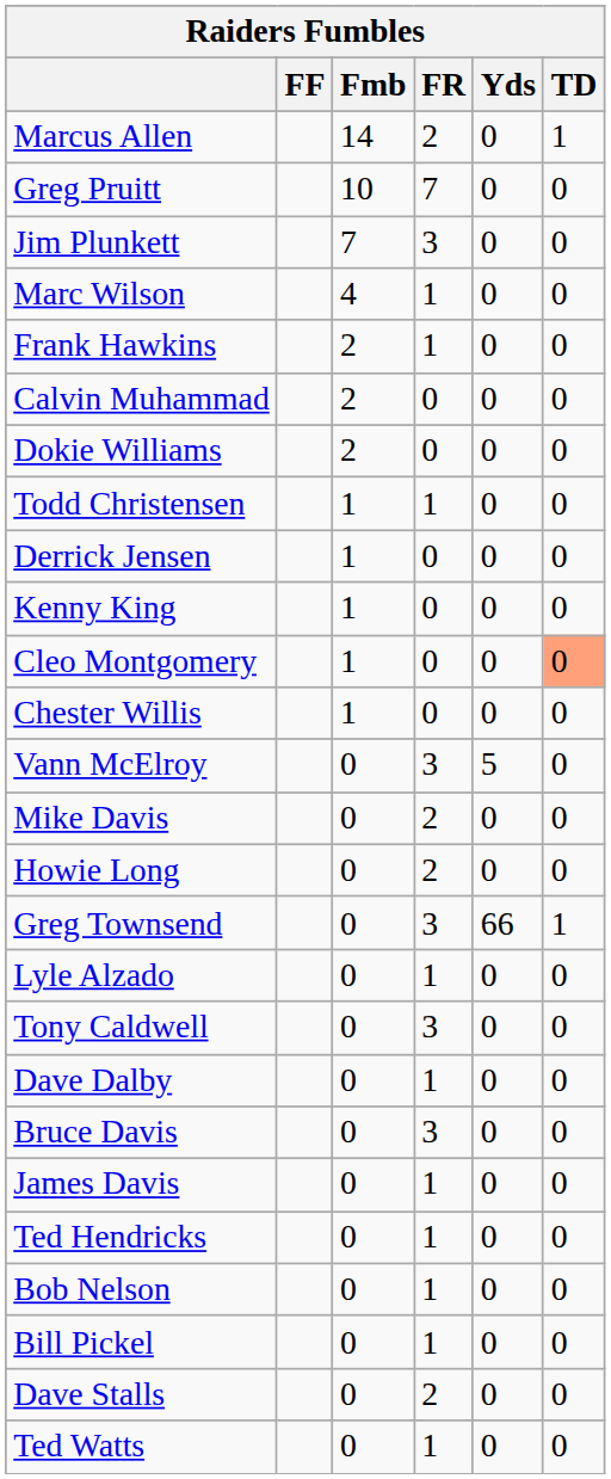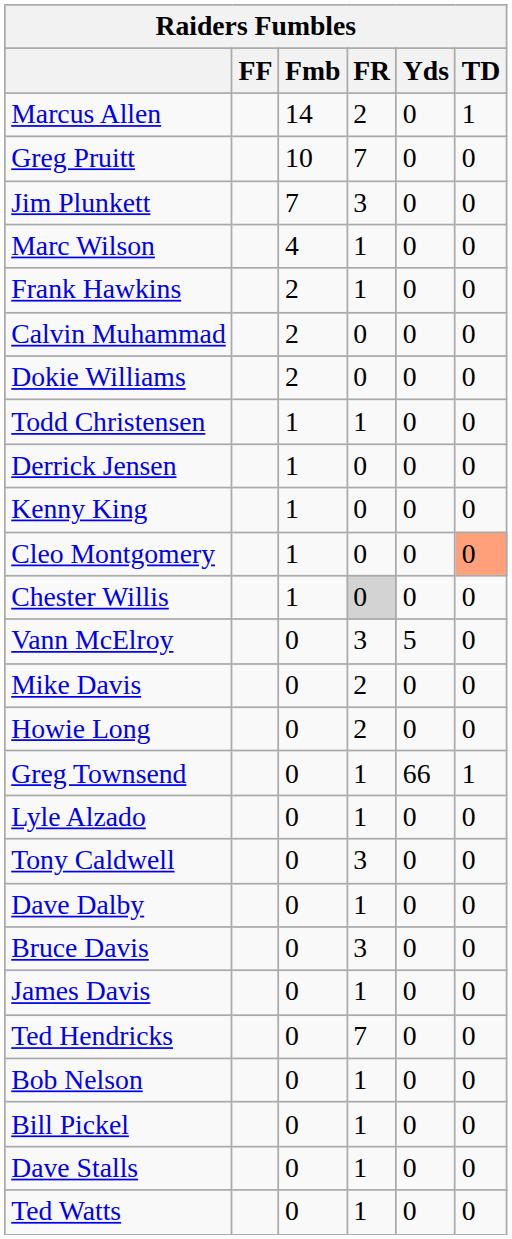 <table class="wikitable">
 <tr>
 <th colspan="6">Raiders Fumbles</th>
 </tr>
 <tr>
 <th></th>
 <th>FF</th>
 <th>Fmb</th>
 <th>FR</th>
 <th>Yds</th>
 <th>TD</th>
 </tr>
 <tr>
 <td><a href='#'>Marcus Allen</a></td>
 <td></td>
 <td>14</td>
 <td>2</td>
 <td>0</td>
 <td>1</td>
 </tr>
 <tr>
 <td><a href='#'>Greg Pruitt</a></td>
 <td></td>
 <td>10</td>
 <td>7</td>
 <td>0</td>
 <td>0</td>
 </tr>
 <tr>
 <td><a href='#'>Jim Plunkett</a></td>
 <td></td>
 <td>7</td>
 <td>3</td>
 <td>0</td>
 <td>0</td>
 </tr>
 <tr>
 <td><a href='#'>Marc Wilson</a></td>
 <td></td>
 <td>4</td>
 <td>1</td>
 <td>0</td>
 <td>0</td>
 </tr>
 <tr>
 <td><a href='#'>Frank Hawkins</a></td>
 <td></td>
 <td>2</td>
 <td>1</td>
 <td>0</td>
 <td>0</td>
 </tr>
 <tr>
 <td><a href='#'>Calvin Muhammad</a></td>
 <td></td>
 <td>2</td>
 <td>0</td>
 <td>0</td>
 <td>0</td>
 </tr>
 <tr>
 <td><a href='#'>Dokie Williams</a></td>
 <td></td>
 <td>2</td>
 <td>0</td>
 <td>0</td>
 <td>0</td>
 </tr>
 <tr>
 <td><a href='#'>Todd Christensen</a></td>
 <td></td>
 <td>1</td>
 <td>1</td>
 <td>0</td>
 <td>0</td>
 </tr>
 <tr>
 <td><a href='#'>Derrick Jensen</a></td>
 <td></td>
 <td>1</td>
 <td>0</td>
 <td>0</td>
 <td>0</td>
 </tr>
 <tr>
 <td><a href='#'>Kenny King</a></td>
 <td></td>
 <td>1</td>
 <td>0</td>
 <td>0</td>
 <td>0</td>
 </tr>
 <tr>
 <td><a href='#'>Cleo Montgomery</a></td>
 <td></td>
 <td>1</td>
 <td>0</td>
 <td>0</td>
 <td style="background: lightsalmon;">0</td>
 </tr>
 <tr>
 <td><a href='#'>Chester Willis</a></td>
 <td></td>
 <td>1</td>
-<td>0</td>
+<td style="background: lightgrey;">0</td>
 <td>0</td>
 <td>0</td>
 </tr>
 <tr>
 <td><a href='#'>Vann McElroy</a></td>
 <td></td>
 <td>0</td>
 <td>3</td>
 <td>5</td>
 <td>0</td>
 </tr>
 <tr>
 <td><a href='#'>Mike Davis</a></td>
 <td></td>
 <td>0</td>
 <td>2</td>
 <td>0</td>
 <td>0</td>
 </tr>
 <tr>
 <td><a href='#'>Howie Long</a></td>
 <td></td>
 <td>0</td>
 <td>2</td>
 <td>0</td>
 <td>0</td>
 </tr>
 <tr>
 <td><a href='#'>Greg Townsend</a></td>
 <td></td>
 <td>0</td>
-<td>3</td>
+<td>1</td>
 <td>66</td>
 <td>1</td>
 </tr>
 <tr>
 <td><a href='#'>Lyle Alzado</a></td>
 <td></td>
 <td>0</td>
 <td>1</td>
 <td>0</td>
 <td>0</td>
 </tr>
 <tr>
 <td><a href='#'>Tony Caldwell</a></td>
 <td></td>
 <td>0</td>
 <td>3</td>
 <td>0</td>
 <td>0</td>
 </tr>
 <tr>
 <td><a href='#'>Dave Dalby</a></td>
 <td></td>
 <td>0</td>
 <td>1</td>
 <td>0</td>
 <td>0</td>
 </tr>
 <tr>
 <td><a href='#'>Bruce Davis</a></td>
 <td></td>
 <td>0</td>
 <td>3</td>
 <td>0</td>
 <td>0</td>
 </tr>
 <tr>
 <td><a href='#'>James Davis</a></td>
 <td></td>
 <td>0</td>
 <td>1</td>
 <td>0</td>
 <td>0</td>
 </tr>
 <tr>
 <td><a href='#'>Ted Hendricks</a></td>
 <td></td>
 <td>0</td>
-<td>1</td>
+<td>7</td>
 <td>0</td>
 <td>0</td>
 </tr>
 <tr>
 <td><a href='#'>Bob Nelson</a></td>
 <td></td>
 <td>0</td>
 <td>1</td>
 <td>0</td>
 <td>0</td>
 </tr>
 <tr>
 <td><a href='#'>Bill Pickel</a></td>
 <td></td>
 <td>0</td>
 <td>1</td>
 <td>0</td>
 <td>0</td>
 </tr>
 <tr>
 <td><a href='#'>Dave Stalls</a></td>
 <td></td>
 <td>0</td>
-<td>2</td>
+<td>1</td>
 <td>0</td>
 <td>0</td>
 </tr>
 <tr>
 <td><a href='#'>Ted Watts</a></td>
 <td></td>
 <td>0</td>
 <td>1</td>
 <td>0</td>
 <td>0</td>
 </tr>
 </table>
